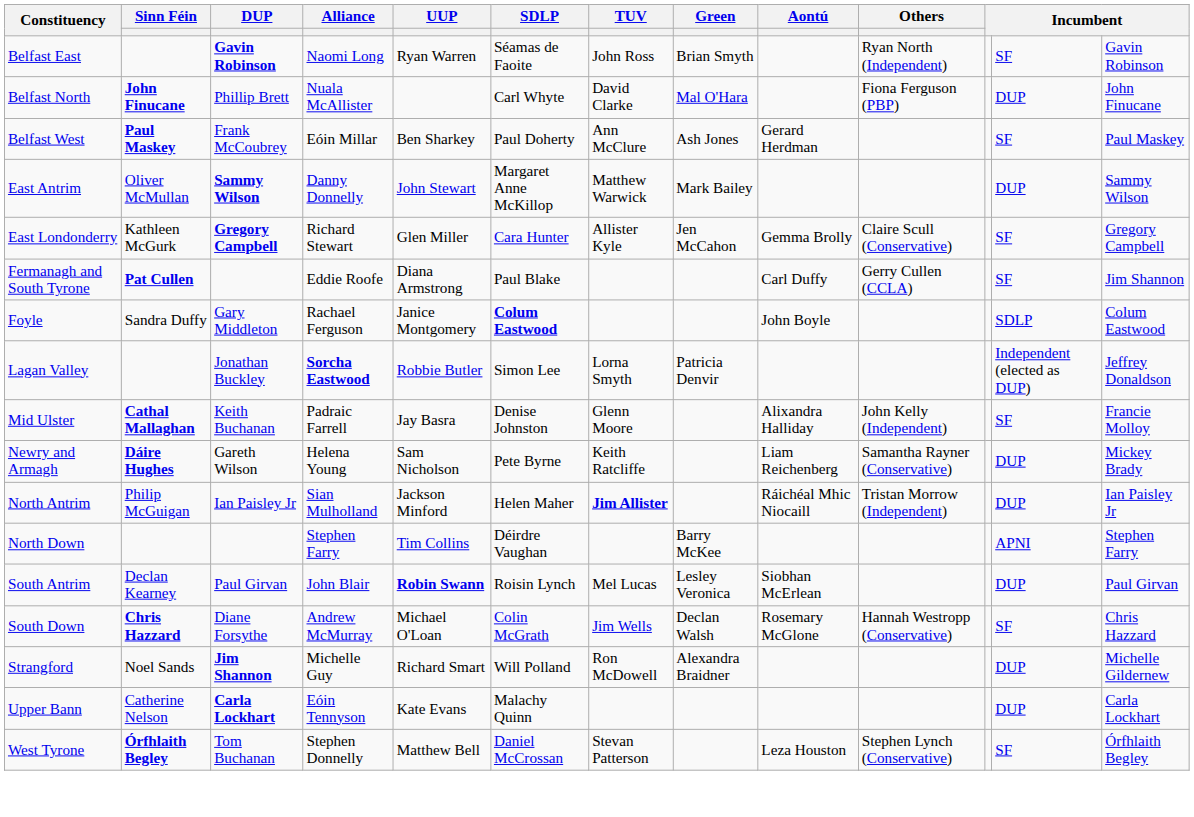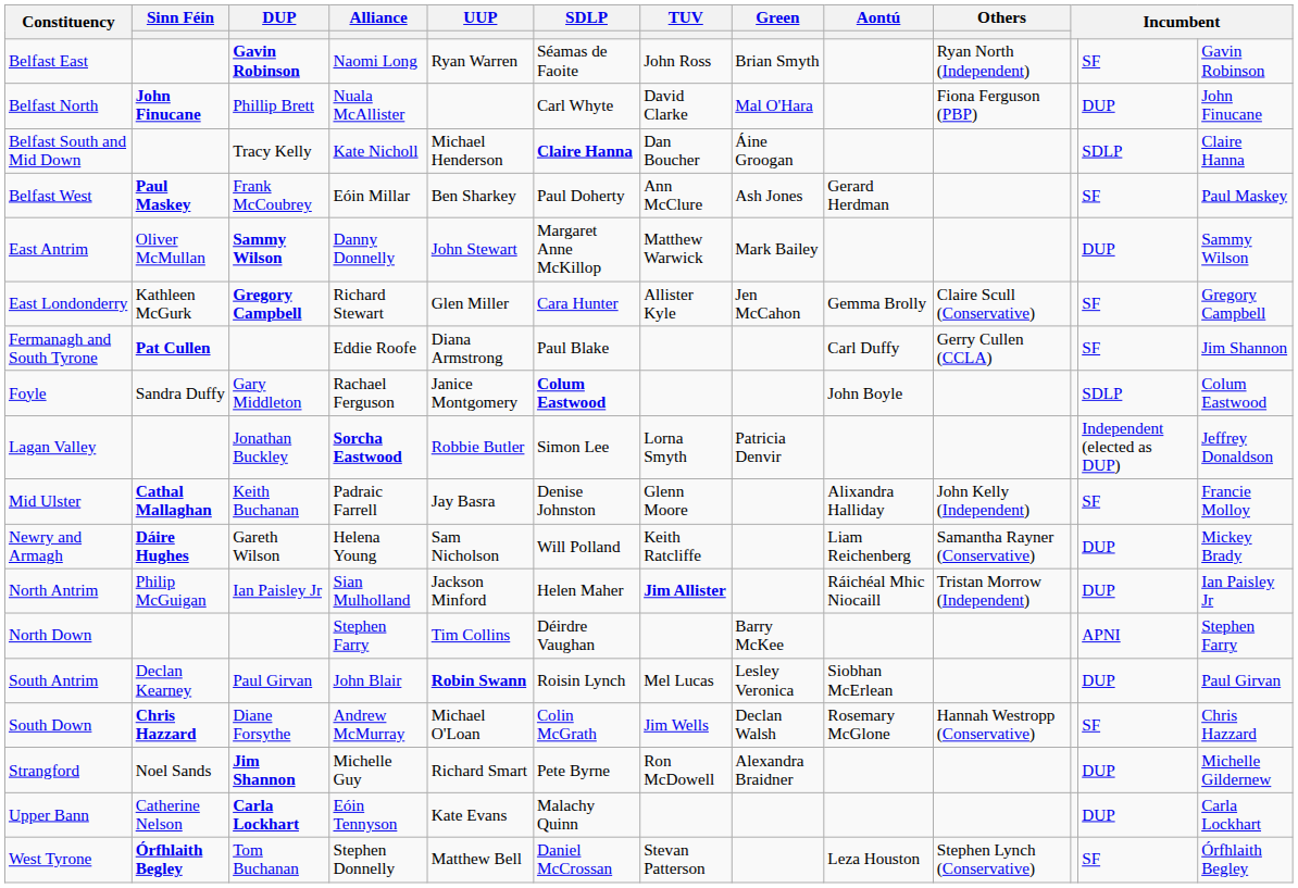 <table class="wikitable sortable sticky-header">
 <tr>
 <th rowspan=2>Constituency</th>
 <th><a href='#'>Sinn Féin</a></th>
 <th><a href='#'>DUP</a></th>
 <th><a href='#'>Alliance</a></th>
 <th><a href='#'>UUP</a></th>
 <th><a href='#'>SDLP</a></th>
 <th><a href='#'>TUV</a></th>
 <th><a href='#'>Green</a></th>
 <th><a href='#'>Aontú</a></th>
 <th>Others</th>
 <th rowspan="2" colspan="3">Incumbent</th>
 </tr>
 <tr>
 <th class="unsortable" style="background-color: "></th>
 <th class="unsortable" style="background-color: "></th>
 <th class="unsortable" style="background-color: "></th>
 <th class="unsortable" style="background-color: "></th>
 <th class="unsortable" style="background-color: "></th>
 <th class="unsortable" style="background-color: "></th>
 <th class="unsortable" style="background-color: "></th>
 <th class="unsortable" style="background-color: "></th>
 <th class="unsortable"></th>
 </tr>
 <tr>
 <td><a href='#'>Belfast East</a></td>
 <td></td>
 <td><strong><a href='#'>Gavin Robinson</a></strong></td>
 <td><a href='#'>Naomi Long</a></td>
 <td>Ryan Warren</td>
 <td>Séamas de Faoite</td>
 <td>John Ross</td>
 <td>Brian Smyth</td>
 <td></td>
 <td>Ryan North (<a href='#'>Independent</a>)</td>
 <td style="color:inherit;background-color: "></td>
 <td><a href='#'>SF</a></td>
 <td><a href='#'>Gavin Robinson</a></td>
 </tr>
 <tr>
 <td><a href='#'>Belfast North</a></td>
 <td><strong><a href='#'>John Finucane</a></strong></td>
 <td><a href='#'>Phillip Brett</a></td>
 <td><a href='#'>Nuala McAllister</a></td>
 <td></td>
 <td>Carl Whyte</td>
 <td>David Clarke</td>
 <td><a href='#'>Mal O'Hara</a></td>
 <td></td>
 <td>Fiona Ferguson (<a href='#'>PBP</a>)</td>
 <td style="color:inherit;background-color: "></td>
 <td><a href='#'>DUP</a></td>
 <td><a href='#'>John Finucane</a></td>
+</tr>
+<tr>
+<td><a href='#'>Belfast South and Mid Down</a></td>
+<td></td>
+<td>Tracy Kelly</td>
+<td><a href='#'>Kate Nicholl</a></td>
+<td>Michael Henderson</td>
+<td><strong><a href='#'>Claire Hanna</a></strong></td>
+<td>Dan Boucher</td>
+<td>Áine Groogan</td>
+<td></td>
+<td></td>
+<td style="color:inherit;background-color: "></td>
+<td><a href='#'>SDLP</a></td>
+<td><a href='#'>Claire Hanna</a></td>
 </tr>
 <tr>
 <td><a href='#'>Belfast West</a></td>
 <td><strong><a href='#'>Paul Maskey</a></strong></td>
 <td><a href='#'>Frank McCoubrey</a></td>
 <td>Eóin Millar</td>
 <td>Ben Sharkey</td>
 <td>Paul Doherty</td>
 <td>Ann McClure</td>
 <td>Ash Jones</td>
 <td>Gerard Herdman</td>
 <td></td>
 <td style="color:inherit;background:"></td>
 <td><a href='#'>SF</a></td>
 <td><a href='#'>Paul Maskey</a></td>
 </tr>
 <tr>
 <td><a href='#'>East Antrim</a></td>
 <td><a href='#'>Oliver McMullan</a></td>
 <td><strong><a href='#'>Sammy Wilson</a></strong></td>
 <td><a href='#'>Danny Donnelly</a></td>
 <td><a href='#'>John Stewart</a></td>
 <td>Margaret Anne McKillop</td>
 <td>Matthew Warwick</td>
 <td>Mark Bailey</td>
 <td></td>
 <td></td>
 <td style="color:inherit;background:"></td>
 <td><a href='#'>DUP</a></td>
 <td><a href='#'>Sammy Wilson</a></td>
 </tr>
 <tr>
 <td><a href='#'>East Londonderry</a></td>
 <td>Kathleen McGurk</td>
 <td><strong><a href='#'>Gregory Campbell</a></strong></td>
 <td>Richard Stewart</td>
 <td>Glen Miller</td>
 <td><a href='#'>Cara Hunter</a></td>
 <td>Allister Kyle</td>
 <td>Jen McCahon</td>
 <td>Gemma Brolly</td>
 <td>Claire Scull (<a href='#'>Conservative</a>)</td>
 <td style="color:inherit;background:"></td>
 <td><a href='#'>SF</a></td>
 <td><a href='#'>Gregory Campbell</a></td>
 </tr>
 <tr>
 <td><a href='#'>Fermanagh and South Tyrone</a></td>
 <td><strong><a href='#'>Pat Cullen</a></strong></td>
 <td></td>
 <td>Eddie Roofe</td>
 <td>Diana Armstrong</td>
 <td>Paul Blake</td>
 <td></td>
 <td></td>
 <td>Carl Duffy</td>
 <td>Gerry Cullen (<a href='#'>CCLA</a>)</td>
 <td style="color:inherit;background:"></td>
 <td><a href='#'>SF</a></td>
 <td><a href='#'>Jim Shannon</a></td>
 </tr>
 <tr>
 <td><a href='#'>Foyle</a></td>
 <td>Sandra Duffy</td>
 <td><a href='#'>Gary Middleton</a></td>
 <td>Rachael Ferguson</td>
 <td>Janice Montgomery</td>
 <td><strong><a href='#'>Colum Eastwood</a></strong></td>
 <td></td>
 <td></td>
 <td>John Boyle</td>
 <td></td>
 <td style="color:inherit;background:"></td>
 <td><a href='#'>SDLP</a></td>
 <td><a href='#'>Colum Eastwood</a></td>
 </tr>
 <tr>
 <td><a href='#'>Lagan Valley</a></td>
 <td></td>
 <td><a href='#'>Jonathan Buckley</a></td>
 <td><strong><a href='#'>Sorcha Eastwood</a></strong></td>
 <td><a href='#'>Robbie Butler</a></td>
 <td>Simon Lee</td>
 <td>Lorna Smyth</td>
 <td>Patricia Denvir</td>
 <td></td>
 <td></td>
 <td style="color:inherit;background:"></td>
 <td><a href='#'>Independent</a> (elected as <a href='#'>DUP</a>)</td>
 <td><a href='#'>Jeffrey Donaldson</a></td>
 </tr>
 <tr>
 <td><a href='#'>Mid Ulster</a></td>
 <td><strong><a href='#'>Cathal Mallaghan</a></strong></td>
 <td><a href='#'>Keith Buchanan</a></td>
 <td>Padraic Farrell</td>
 <td>Jay Basra</td>
 <td>Denise Johnston</td>
 <td>Glenn Moore</td>
 <td></td>
 <td>Alixandra Halliday</td>
 <td>John Kelly (<a href='#'>Independent</a>)</td>
 <td style="color:inherit;background:"></td>
 <td><a href='#'>SF</a></td>
 <td><a href='#'>Francie Molloy</a></td>
 </tr>
 <tr>
 <td><a href='#'>Newry and Armagh</a></td>
 <td><strong><a href='#'>Dáire Hughes</a></strong></td>
 <td>Gareth Wilson</td>
 <td>Helena Young</td>
 <td>Sam Nicholson</td>
-<td>Pete Byrne</td>
+<td>Will Polland</td>
 <td>Keith Ratcliffe</td>
 <td></td>
 <td>Liam Reichenberg</td>
 <td>Samantha Rayner (<a href='#'>Conservative</a>)</td>
 <td style="color:inherit;background:"></td>
 <td><a href='#'>DUP</a></td>
 <td><a href='#'>Mickey Brady</a></td>
 </tr>
 <tr>
 <td><a href='#'>North Antrim</a></td>
 <td><a href='#'>Philip McGuigan</a></td>
 <td><a href='#'>Ian Paisley Jr</a></td>
 <td><a href='#'>Sian Mulholland</a></td>
 <td>Jackson Minford</td>
 <td>Helen Maher</td>
 <td><strong><a href='#'>Jim Allister</a></strong></td>
 <td></td>
 <td>Ráichéal Mhic Niocaill</td>
 <td>Tristan Morrow (<a href='#'>Independent</a>)</td>
 <td style="color:inherit;background:"></td>
 <td><a href='#'>DUP</a></td>
 <td><a href='#'>Ian Paisley Jr</a></td>
 </tr>
 <tr>
 <td><a href='#'>North Down</a></td>
 <td></td>
 <td></td>
 <td><a href='#'>Stephen Farry</a></td>
 <td><a href='#'>Tim Collins</a></td>
 <td>Déirdre Vaughan</td>
 <td></td>
 <td>Barry McKee</td>
 <td></td>
 <td></td>
 <td style="color:inherit;background:"></td>
 <td><a href='#'>APNI</a></td>
 <td><a href='#'>Stephen Farry</a></td>
 </tr>
 <tr>
 <td><a href='#'>South Antrim</a></td>
 <td><a href='#'>Declan Kearney</a></td>
 <td><a href='#'>Paul Girvan</a></td>
 <td><a href='#'>John Blair</a></td>
 <td><strong><a href='#'>Robin Swann</a></strong></td>
 <td>Roisin Lynch</td>
 <td>Mel Lucas</td>
 <td>Lesley Veronica</td>
 <td>Siobhan McErlean</td>
 <td></td>
 <td style="color:inherit;background:"></td>
 <td><a href='#'>DUP</a></td>
 <td><a href='#'>Paul Girvan</a></td>
 </tr>
 <tr>
 <td><a href='#'>South Down</a></td>
 <td><strong><a href='#'>Chris Hazzard</a></strong></td>
 <td><a href='#'>Diane Forsythe</a></td>
 <td><a href='#'>Andrew McMurray</a></td>
 <td>Michael O'Loan</td>
 <td><a href='#'>Colin McGrath</a></td>
 <td><a href='#'>Jim Wells</a></td>
 <td>Declan Walsh</td>
 <td>Rosemary McGlone</td>
 <td>Hannah Westropp (<a href='#'>Conservative</a>)</td>
 <td style="color:inherit;background:"></td>
 <td><a href='#'>SF</a></td>
 <td><a href='#'>Chris Hazzard</a></td>
 </tr>
 <tr>
 <td><a href='#'>Strangford</a></td>
 <td>Noel Sands</td>
 <td><strong><a href='#'>Jim Shannon</a></strong></td>
 <td>Michelle Guy</td>
 <td>Richard Smart</td>
-<td>Will Polland</td>
+<td>Pete Byrne</td>
 <td>Ron McDowell</td>
 <td>Alexandra Braidner</td>
 <td></td>
 <td></td>
 <td style="color:inherit;background:"></td>
 <td><a href='#'>DUP</a></td>
 <td><a href='#'>Michelle Gildernew</a></td>
 </tr>
 <tr>
 <td><a href='#'>Upper Bann</a></td>
 <td><a href='#'>Catherine Nelson</a></td>
 <td><strong><a href='#'>Carla Lockhart</a></strong></td>
 <td><a href='#'>Eóin Tennyson</a></td>
 <td>Kate Evans</td>
 <td>Malachy Quinn</td>
 <td></td>
 <td></td>
 <td></td>
 <td></td>
 <td style="color:inherit;background:"></td>
 <td><a href='#'>DUP</a></td>
 <td><a href='#'>Carla Lockhart</a></td>
 </tr>
 <tr>
 <td><a href='#'>West Tyrone</a></td>
 <td><strong><a href='#'>Órfhlaith Begley</a></strong></td>
 <td><a href='#'>Tom Buchanan</a></td>
 <td>Stephen Donnelly</td>
 <td>Matthew Bell</td>
 <td><a href='#'>Daniel McCrossan</a></td>
 <td>Stevan Patterson</td>
 <td></td>
 <td>Leza Houston</td>
 <td>Stephen Lynch (<a href='#'>Conservative</a>)</td>
 <td style="color:inherit;background:"></td>
 <td><a href='#'>SF</a></td>
 <td><a href='#'>Órfhlaith Begley</a></td>
 </tr>
 </table>
